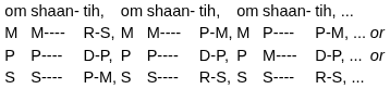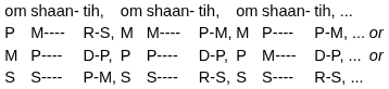 <table>
 <tr>
 <td></td>
 <td>om</td>
 <td>shaan-</td>
 <td>tih,</td>
 <td>om</td>
 <td>shaan-</td>
 <td>tih,</td>
 <td>om</td>
 <td>shaan-</td>
 <td>tih, ...</td>
 <td></td>
 </tr>
 <tr>
 <td></td>
-<td>M</td>
+<td>P</td>
 <td>M----</td>
 <td>R-S,</td>
 <td>M</td>
 <td>M----</td>
 <td>P-M,</td>
 <td>M</td>
 <td>P----</td>
 <td>P-M, ...</td>
 <td><em>or</em></td>
 </tr>
 <tr>
 <td></td>
-<td>P</td>
+<td>M</td>
 <td>P----</td>
 <td>D-P,</td>
 <td>P</td>
 <td>P----</td>
 <td>D-P,</td>
 <td>P</td>
 <td>M----</td>
 <td>D-P, ...</td>
 <td><em>or</em></td>
 </tr>
 <tr>
 <td></td>
 <td>S</td>
 <td>S----</td>
 <td>P-M,</td>
 <td>S</td>
 <td>S----</td>
 <td>R-S,</td>
 <td>S</td>
 <td>S----</td>
 <td>R-S, ...</td>
 <td></td>
 </tr>
 </table>
